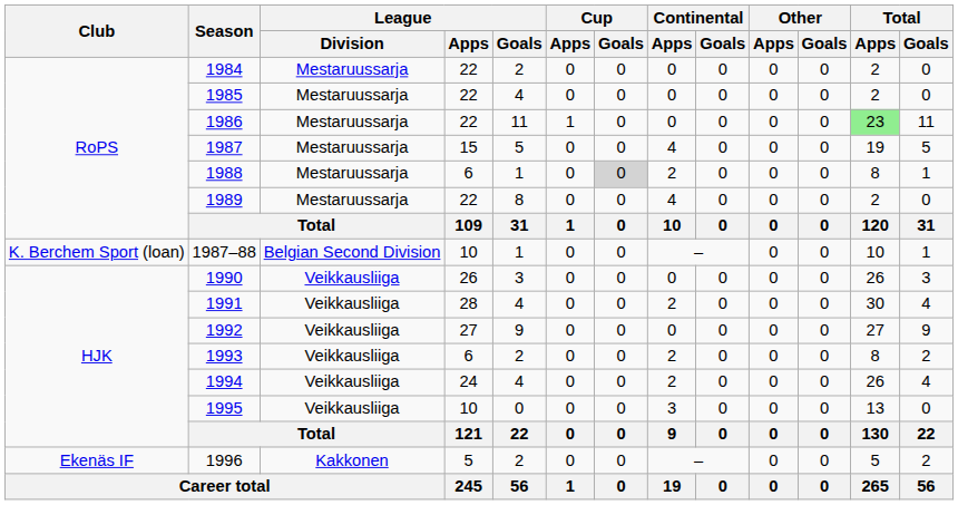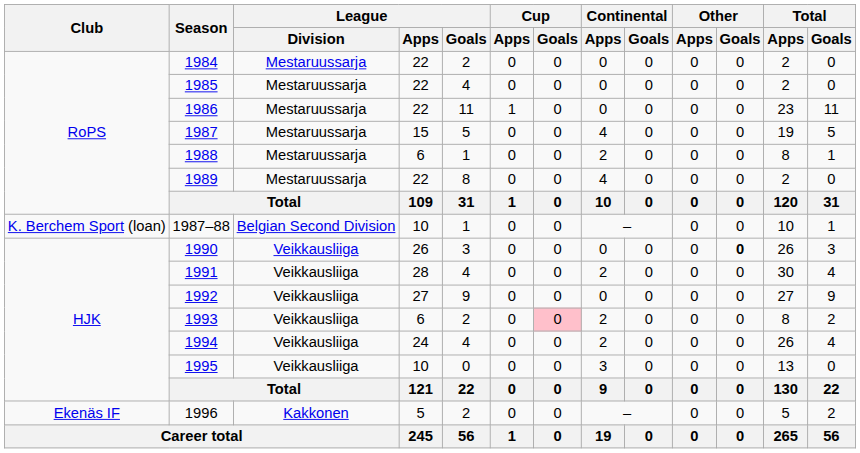 <table class="wikitable" style="text-align:center">
 <tr>
 <th rowspan="2">Club</th>
 <th rowspan="2">Season</th>
 <th colspan="3">League</th>
 <th colspan="2">Cup</th>
 <th colspan="2">Continental</th>
 <th colspan="2">Other</th>
 <th colspan="2">Total</th>
 </tr>
 <tr>
 <th>Division</th>
 <th>Apps</th>
 <th>Goals</th>
 <th>Apps</th>
 <th>Goals</th>
 <th>Apps</th>
 <th>Goals</th>
 <th>Apps</th>
 <th>Goals</th>
 <th>Apps</th>
 <th>Goals</th>
 </tr>
 <tr>
 <td rowspan="7"><a href='#'>RoPS</a></td>
 <td><a href='#'>1984</a></td>
 <td><a href='#'>Mestaruussarja</a></td>
 <td>22</td>
 <td>2</td>
 <td>0</td>
 <td>0</td>
 <td>0</td>
 <td>0</td>
 <td>0</td>
 <td>0</td>
 <td>2</td>
 <td>0</td>
 </tr>
 <tr>
 <td><a href='#'>1985</a></td>
 <td>Mestaruussarja</td>
 <td>22</td>
 <td>4</td>
 <td>0</td>
 <td>0</td>
 <td>0</td>
 <td>0</td>
 <td>0</td>
 <td>0</td>
 <td>2</td>
 <td>0</td>
 </tr>
 <tr>
 <td><a href='#'>1986</a></td>
 <td>Mestaruussarja</td>
 <td>22</td>
 <td>11</td>
 <td>1</td>
 <td>0</td>
 <td>0</td>
 <td>0</td>
 <td>0</td>
 <td>0</td>
-<td style="background: lightgreen;">23</td>
+<td>23</td>
 <td>11</td>
 </tr>
 <tr>
 <td><a href='#'>1987</a></td>
 <td>Mestaruussarja</td>
 <td>15</td>
 <td>5</td>
 <td>0</td>
 <td>0</td>
 <td>4</td>
 <td>0</td>
 <td>0</td>
 <td>0</td>
 <td>19</td>
 <td>5</td>
 </tr>
 <tr>
 <td><a href='#'>1988</a></td>
 <td>Mestaruussarja</td>
 <td>6</td>
 <td>1</td>
 <td>0</td>
-<td style="background: lightgrey;">0</td>
+<td>0</td>
 <td>2</td>
 <td>0</td>
 <td>0</td>
 <td>0</td>
 <td>8</td>
 <td>1</td>
 </tr>
 <tr>
 <td><a href='#'>1989</a></td>
 <td>Mestaruussarja</td>
 <td>22</td>
 <td>8</td>
 <td>0</td>
 <td>0</td>
 <td>4</td>
 <td>0</td>
 <td>0</td>
 <td>0</td>
 <td>2</td>
 <td>0</td>
 </tr>
 <tr>
 <th colspan="2">Total</th>
 <th>109</th>
 <th>31</th>
 <th>1</th>
 <th>0</th>
 <th>10</th>
 <th>0</th>
 <th>0</th>
 <th>0</th>
 <th>120</th>
 <th>31</th>
 </tr>
 <tr>
 <td><a href='#'>K. Berchem Sport</a> (loan)</td>
 <td>1987–88</td>
 <td><a href='#'>Belgian Second Division</a></td>
 <td>10</td>
 <td>1</td>
 <td>0</td>
 <td>0</td>
 <td colspan="2">–</td>
 <td>0</td>
 <td>0</td>
 <td>10</td>
 <td>1</td>
 </tr>
 <tr>
 <td rowspan="7"><a href='#'>HJK</a></td>
 <td><a href='#'>1990</a></td>
 <td><a href='#'>Veikkausliiga</a></td>
 <td>26</td>
 <td>3</td>
 <td>0</td>
 <td>0</td>
 <td>0</td>
 <td>0</td>
 <td>0</td>
-<td>0</td>
+<td><strong>0</strong></td>
 <td>26</td>
 <td>3</td>
 </tr>
 <tr>
 <td><a href='#'>1991</a></td>
 <td>Veikkausliiga</td>
 <td>28</td>
 <td>4</td>
 <td>0</td>
 <td>0</td>
 <td>2</td>
 <td>0</td>
 <td>0</td>
 <td>0</td>
 <td>30</td>
 <td>4</td>
 </tr>
 <tr>
 <td><a href='#'>1992</a></td>
 <td>Veikkausliiga</td>
 <td>27</td>
 <td>9</td>
 <td>0</td>
 <td>0</td>
 <td>0</td>
 <td>0</td>
 <td>0</td>
 <td>0</td>
 <td>27</td>
 <td>9</td>
 </tr>
 <tr>
 <td><a href='#'>1993</a></td>
 <td>Veikkausliiga</td>
 <td>6</td>
 <td>2</td>
 <td>0</td>
-<td>0</td>
+<td style="background: pink;">0</td>
 <td>2</td>
 <td>0</td>
 <td>0</td>
 <td>0</td>
 <td>8</td>
 <td>2</td>
 </tr>
 <tr>
 <td><a href='#'>1994</a></td>
 <td>Veikkausliiga</td>
 <td>24</td>
 <td>4</td>
 <td>0</td>
 <td>0</td>
 <td>2</td>
 <td>0</td>
 <td>0</td>
 <td>0</td>
 <td>26</td>
 <td>4</td>
 </tr>
 <tr>
 <td><a href='#'>1995</a></td>
 <td>Veikkausliiga</td>
 <td>10</td>
 <td>0</td>
 <td>0</td>
 <td>0</td>
 <td>3</td>
 <td>0</td>
 <td>0</td>
 <td>0</td>
 <td>13</td>
 <td>0</td>
 </tr>
 <tr>
 <th colspan="2">Total</th>
 <th>121</th>
 <th>22</th>
 <th>0</th>
 <th>0</th>
 <th>9</th>
 <th>0</th>
 <th>0</th>
 <th>0</th>
 <th>130</th>
 <th>22</th>
 </tr>
 <tr>
 <td><a href='#'>Ekenäs IF</a></td>
 <td>1996</td>
 <td><a href='#'>Kakkonen</a></td>
 <td>5</td>
 <td>2</td>
 <td>0</td>
 <td>0</td>
 <td colspan="2">–</td>
 <td>0</td>
 <td>0</td>
 <td>5</td>
 <td>2</td>
 </tr>
 <tr>
 <th colspan="3">Career total</th>
 <th>245</th>
 <th>56</th>
 <th>1</th>
 <th>0</th>
 <th>19</th>
 <th>0</th>
 <th>0</th>
 <th>0</th>
 <th>265</th>
 <th>56</th>
 </tr>
 </table>
